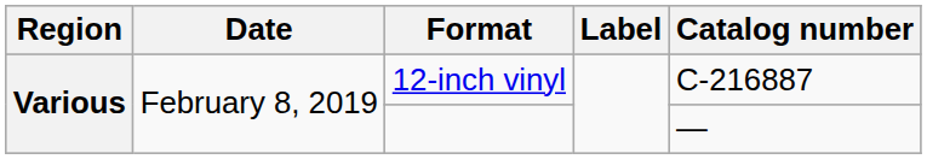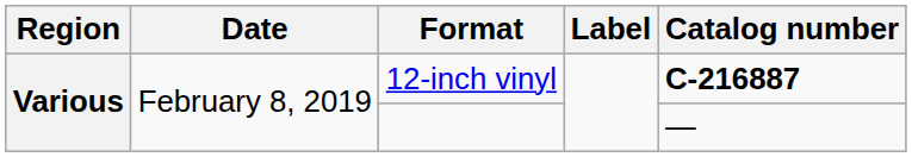 <table class="wikitable plainrowheaders">
 <tr>
 <th scope="col">Region</th>
 <th scope="col">Date</th>
 <th scope="col">Format</th>
 <th scope="col">Label</th>
 <th scope="col">Catalog number</th>
 </tr>
 <tr>
 <th scope="row" rowspan="2">Various</th>
 <td rowspan="2">February 8, 2019</td>
 <td><a href='#'>12-inch vinyl</a></td>
 <td rowspan="2"></td>
-<td>C-216887</td>
+<td><strong>C-216887</strong></td>
 </tr>
 <tr>
 <td></td>
 <td>—</td>
 </tr>
 </table>
